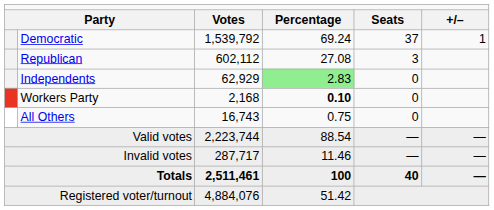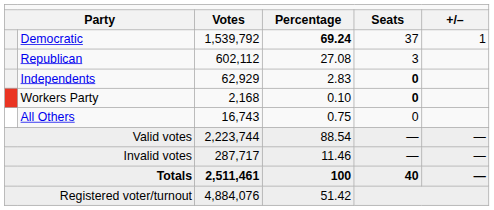 <table class="wikitable">
 <tr>
 <td colspan=10 align=center></td>
 </tr>
 <tr>
 <th colspan=2 style="width: 15em">Party</th>
 <th style="width: 5em">Votes</th>
 <th style="width: 7em">Percentage</th>
 <th style="width: 5em">Seats</th>
 <th style="width: 5em">+/–</th>
 </tr>
 <tr>
 <th style="background:"></th>
 <td style="width: 130px"><a href='#'>Democratic</a></td>
 <td align="right">1,539,792</td>
-<td align="right">69.24</td>
+<td align="right"><strong>69.24</strong></td>
 <td align="right">37</td>
 <td align="right"> 1</td>
 </tr>
 <tr>
 <th style="background:"></th>
 <td style="width: 130px"><a href='#'>Republican</a></td>
 <td align="right">602,112</td>
 <td align="right">27.08</td>
 <td align="right">3</td>
 <td align="right"></td>
 </tr>
 <tr>
 <th style="background:"></th>
 <td style="width: 130px"><a href='#'>Independents</a></td>
 <td align="right">62,929</td>
-<td align="right" style="background: lightgreen;">2.83</td>
-<td align="right">0</td>
+<td align="right">2.83</td>
+<td align="right"><strong>0</strong></td>
 <td align="right"></td>
 </tr>
 <tr>
 <th style="background-color:#EA3423; width: 3px"></th>
 <td style="width: 130px">Workers Party</td>
 <td align="right">2,168</td>
-<td align="right"><strong>0.10</strong></td>
-<td align="right">0</td>
+<td align="right">0.10</td>
+<td align="right"><strong>0</strong></td>
 <td align="right"></td>
 </tr>
 <tr>
 <th style="background-color:#FFFFFF; width: 3px"></th>
 <td style="width: 130px"><a href='#'>All Others</a></td>
 <td align="right">16,743</td>
 <td align="right">0.75</td>
 <td align="right">0</td>
 <td align="right"></td>
 </tr>
 <tr bgcolor="#EEEEEE">
 <td colspan="2" align="right">Valid votes</td>
 <td align="right">2,223,744</td>
 <td align="right">88.54</td>
 <td align="right">—</td>
 <td align="right">—</td>
 </tr>
 <tr bgcolor="#EEEEEE">
 <td colspan="2" align="right">Invalid votes</td>
 <td align="right">287,717</td>
 <td align="right">11.46</td>
 <td align="right">—</td>
 <td align="right">—</td>
 </tr>
 <tr bgcolor="#EEEEEE">
 <td colspan="2" align="right"><strong>Totals</strong></td>
 <td align="right"><strong>2,511,461</strong></td>
 <td align="right"><strong>100</strong></td>
 <td align="right"><strong>40</strong></td>
 <td align="right"><strong>—</strong></td>
 </tr>
 <tr bgcolor="#EEEEEE">
 <td colspan="2" align="right">Registered voter/turnout</td>
 <td align="right">4,884,076</td>
 <td align="right">51.42</td>
 <td colspan="2" align="right"></td>
 </tr>
 </table>
